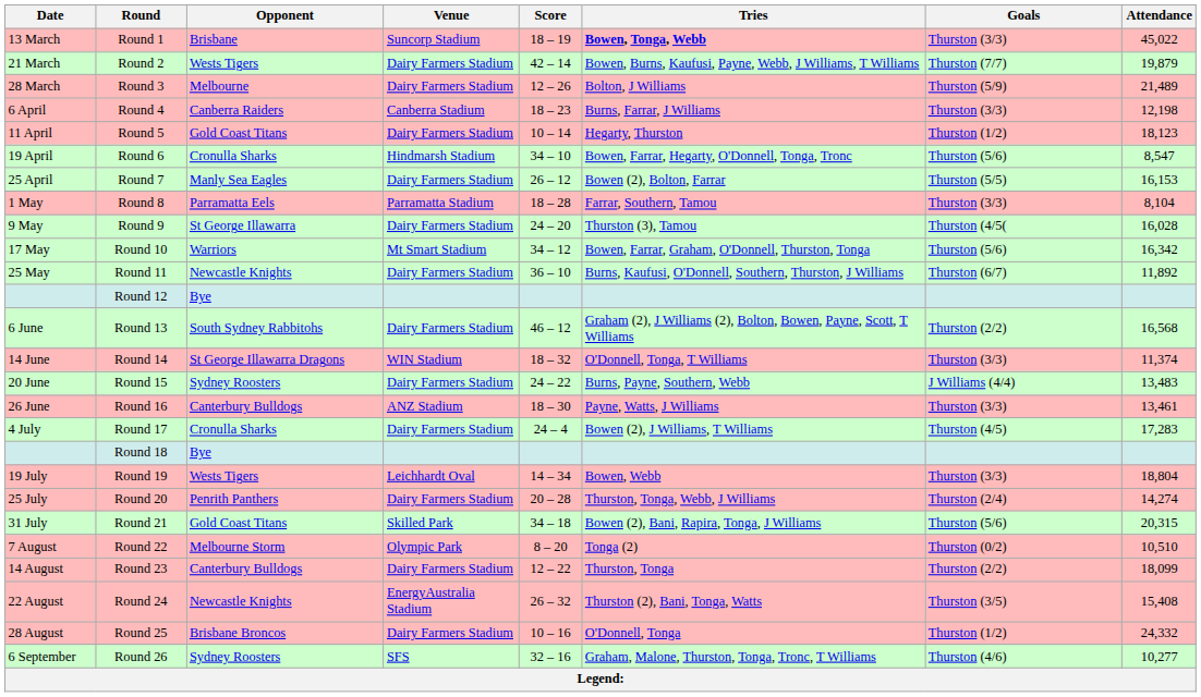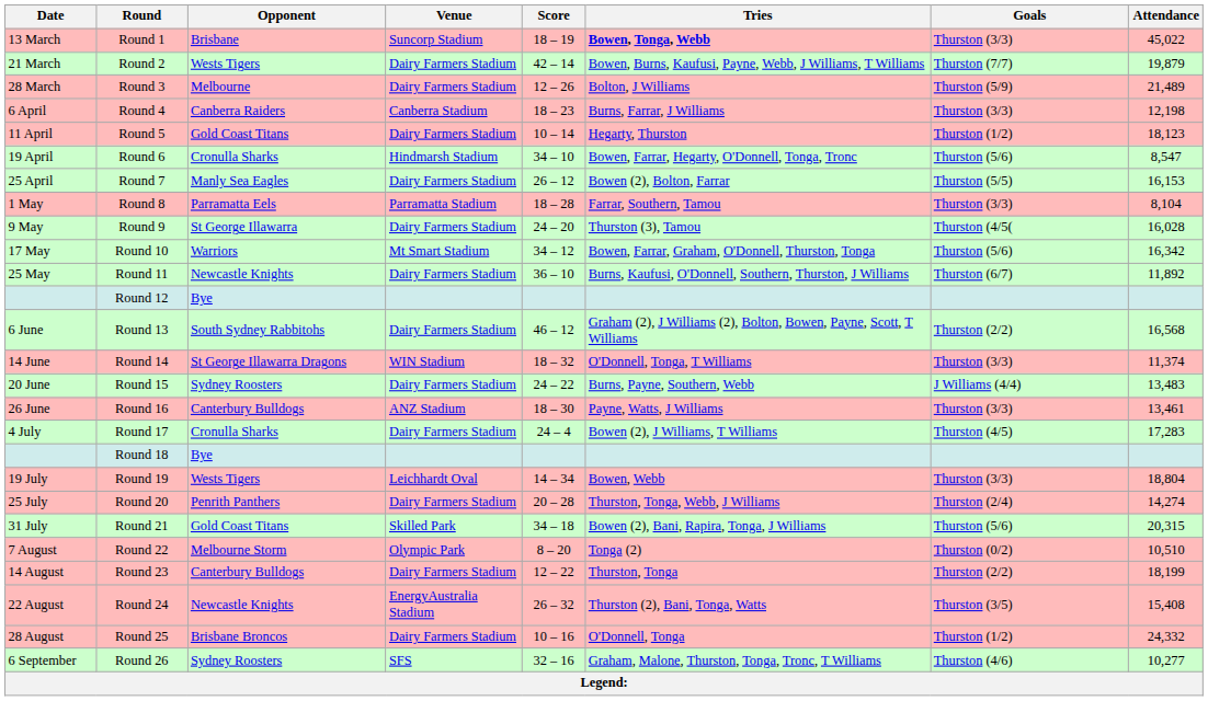 <table class="wikitable" style="font-size:75%;">
 <tr>
 <th style="width:75px;">Date</th>
 <th style="width:75px;">Round</th>
 <th style="width:170px;">Opponent</th>
 <th style="width:115px;">Venue</th>
 <th style="width:50px;">Score</th>
 <th style="width:300px;">Tries</th>
 <th style="width:170px;">Goals</th>
 <th style="width:60px;">Attendance</th>
 </tr>
 <tr style="background:#FFBBBB">
 <td>13 March</td>
 <td style="text-align:center;">Round 1</td>
 <td> <a href='#'>Brisbane</a></td>
 <td><a href='#'>Suncorp Stadium</a></td>
 <td style="text-align:center;">18 – 19</td>
 <td><strong><a href='#'>Bowen</a>, <a href='#'>Tonga</a>, <a href='#'>Webb</a></strong></td>
 <td><a href='#'>Thurston</a> (3/3)</td>
 <td style="text-align:center;">45,022</td>
 </tr>
 <tr style="background:#CCFFCC">
 <td>21 March</td>
 <td style="text-align:center;">Round 2</td>
 <td> <a href='#'>Wests Tigers</a></td>
 <td><a href='#'>Dairy Farmers Stadium</a></td>
 <td style="text-align:center;">42 – 14</td>
 <td><a href='#'>Bowen</a>, <a href='#'>Burns</a>, <a href='#'>Kaufusi</a>, <a href='#'>Payne</a>, <a href='#'>Webb</a>, <a href='#'>J Williams</a>, <a href='#'>T Williams</a></td>
 <td><a href='#'>Thurston</a> (7/7)</td>
 <td style="text-align:center;">19,879</td>
 </tr>
 <tr style="background:#FFBBBB">
 <td>28 March</td>
 <td style="text-align:center;">Round 3</td>
 <td> <a href='#'>Melbourne</a></td>
 <td><a href='#'>Dairy Farmers Stadium</a></td>
 <td style="text-align:center;">12 – 26</td>
 <td><a href='#'>Bolton</a>, <a href='#'>J Williams</a></td>
 <td><a href='#'>Thurston</a> (5/9)</td>
 <td style="text-align:center;">21,489</td>
 </tr>
 <tr style="background:#FFBBBB">
 <td>6 April</td>
 <td style="text-align:center;">Round 4</td>
 <td> <a href='#'>Canberra Raiders</a></td>
 <td><a href='#'>Canberra Stadium</a></td>
 <td style="text-align:center;">18 – 23</td>
 <td><a href='#'>Burns</a>, <a href='#'>Farrar</a>, <a href='#'>J Williams</a></td>
 <td><a href='#'>Thurston</a> (3/3)</td>
 <td style="text-align:center;">12,198</td>
 </tr>
 <tr style="background:#FFBBBB">
 <td>11 April</td>
 <td style="text-align:center;">Round 5</td>
 <td> <a href='#'>Gold Coast Titans</a></td>
 <td><a href='#'>Dairy Farmers Stadium</a></td>
 <td style="text-align:center;">10 – 14</td>
 <td><a href='#'>Hegarty</a>, <a href='#'>Thurston</a></td>
 <td><a href='#'>Thurston</a> (1/2)</td>
 <td style="text-align:center;">18,123</td>
 </tr>
 <tr style="background:#CCFFCC">
 <td>19 April</td>
 <td style="text-align:center;">Round 6</td>
 <td> <a href='#'>Cronulla Sharks</a></td>
 <td><a href='#'>Hindmarsh Stadium</a></td>
 <td style="text-align:center;">34 – 10</td>
 <td><a href='#'>Bowen</a>, <a href='#'>Farrar</a>, <a href='#'>Hegarty</a>, <a href='#'>O'Donnell</a>, <a href='#'>Tonga</a>, <a href='#'>Tronc</a></td>
 <td><a href='#'>Thurston</a> (5/6)</td>
 <td style="text-align:center;">8,547</td>
 </tr>
 <tr style="background:#CCFFCC">
 <td>25 April</td>
 <td style="text-align:center;">Round 7</td>
 <td> <a href='#'>Manly Sea Eagles</a></td>
 <td><a href='#'>Dairy Farmers Stadium</a></td>
 <td style="text-align:center;">26 – 12</td>
 <td><a href='#'>Bowen</a> (2), <a href='#'>Bolton</a>, <a href='#'>Farrar</a></td>
 <td><a href='#'>Thurston</a> (5/5)</td>
 <td style="text-align:center;">16,153</td>
 </tr>
 <tr style="background:#FFBBBB">
 <td>1 May</td>
 <td style="text-align:center;">Round 8</td>
 <td> <a href='#'>Parramatta Eels</a></td>
 <td><a href='#'>Parramatta Stadium</a></td>
 <td style="text-align:center;">18 – 28</td>
 <td><a href='#'>Farrar</a>, <a href='#'>Southern</a>, <a href='#'>Tamou</a></td>
 <td><a href='#'>Thurston</a> (3/3)</td>
 <td style="text-align:center;">8,104</td>
 </tr>
 <tr style="background:#CCFFCC">
 <td>9 May</td>
 <td style="text-align:center;">Round 9</td>
 <td> <a href='#'>St George Illawarra</a></td>
 <td><a href='#'>Dairy Farmers Stadium</a></td>
 <td style="text-align:center;">24 – 20</td>
 <td><a href='#'>Thurston</a> (3), <a href='#'>Tamou</a></td>
 <td><a href='#'>Thurston</a> (4/5(</td>
 <td style="text-align:center;">16,028</td>
 </tr>
 <tr style="background:#CCFFCC">
 <td>17 May</td>
 <td style="text-align:center;">Round 10</td>
 <td> <a href='#'>Warriors</a></td>
 <td><a href='#'>Mt Smart Stadium</a></td>
 <td style="text-align:center;">34 – 12</td>
 <td><a href='#'>Bowen</a>, <a href='#'>Farrar</a>, <a href='#'>Graham</a>, <a href='#'>O'Donnell</a>, <a href='#'>Thurston</a>, <a href='#'>Tonga</a></td>
 <td><a href='#'>Thurston</a> (5/6)</td>
 <td style="text-align:center;">16,342</td>
 </tr>
 <tr style="background:#CCFFCC">
 <td>25 May</td>
 <td style="text-align:center;">Round 11</td>
 <td> <a href='#'>Newcastle Knights</a></td>
 <td><a href='#'>Dairy Farmers Stadium</a></td>
 <td style="text-align:center;">36 – 10</td>
 <td><a href='#'>Burns</a>, <a href='#'>Kaufusi</a>, <a href='#'>O'Donnell</a>, <a href='#'>Southern</a>, <a href='#'>Thurston</a>, <a href='#'>J Williams</a></td>
 <td><a href='#'>Thurston</a> (6/7)</td>
 <td style="text-align:center;">11,892</td>
 </tr>
 <tr style="background:#cfecec;">
 <td></td>
 <td style="text-align:center;">Round 12</td>
 <td><a href='#'>Bye</a></td>
 <td></td>
 <td></td>
 <td></td>
 <td></td>
 <td></td>
 </tr>
 <tr style="background:#CCFFCC">
 <td>6 June</td>
 <td style="text-align:center;">Round 13</td>
 <td> <a href='#'>South Sydney Rabbitohs</a></td>
 <td><a href='#'>Dairy Farmers Stadium</a></td>
 <td style="text-align:center;">46 – 12</td>
 <td><a href='#'>Graham</a> (2), <a href='#'>J Williams</a> (2), <a href='#'>Bolton</a>, <a href='#'>Bowen</a>, <a href='#'>Payne</a>, <a href='#'>Scott</a>, <a href='#'>T Williams</a></td>
 <td><a href='#'>Thurston</a> (2/2)</td>
 <td style="text-align:center;">16,568</td>
 </tr>
 <tr style="background:#FFBBBB">
 <td>14 June</td>
 <td style="text-align:center;">Round 14</td>
 <td> <a href='#'>St George Illawarra Dragons</a></td>
 <td><a href='#'>WIN Stadium</a></td>
 <td style="text-align:center;">18 – 32</td>
 <td><a href='#'>O'Donnell</a>, <a href='#'>Tonga</a>, <a href='#'>T Williams</a></td>
 <td><a href='#'>Thurston</a> (3/3)</td>
 <td style="text-align:center;">11,374</td>
 </tr>
 <tr style="background:#CCFFCC">
 <td>20 June</td>
 <td style="text-align:center;">Round 15</td>
 <td> <a href='#'>Sydney Roosters</a></td>
 <td><a href='#'>Dairy Farmers Stadium</a></td>
 <td style="text-align:center;">24 – 22</td>
 <td><a href='#'>Burns</a>, <a href='#'>Payne</a>, <a href='#'>Southern</a>, <a href='#'>Webb</a></td>
 <td><a href='#'>J Williams</a> (4/4)</td>
 <td style="text-align:center;">13,483</td>
 </tr>
 <tr style="background:#FFBBBB">
 <td>26 June</td>
 <td style="text-align:center;">Round 16</td>
 <td> <a href='#'>Canterbury Bulldogs</a></td>
 <td><a href='#'>ANZ Stadium</a></td>
 <td style="text-align:center;">18 – 30</td>
 <td><a href='#'>Payne</a>, <a href='#'>Watts</a>, <a href='#'>J Williams</a></td>
 <td><a href='#'>Thurston</a> (3/3)</td>
 <td style="text-align:center;">13,461</td>
 </tr>
 <tr style="background:#CCFFCC">
 <td>4 July</td>
 <td style="text-align:center;">Round 17</td>
 <td> <a href='#'>Cronulla Sharks</a></td>
 <td><a href='#'>Dairy Farmers Stadium</a></td>
 <td style="text-align:center;">24 – 4</td>
 <td><a href='#'>Bowen</a> (2), <a href='#'>J Williams</a>, <a href='#'>T Williams</a></td>
 <td><a href='#'>Thurston</a> (4/5)</td>
 <td style="text-align:center;">17,283</td>
 </tr>
 <tr style="background:#cfecec;">
 <td></td>
 <td style="text-align:center;">Round 18</td>
 <td><a href='#'>Bye</a></td>
 <td></td>
 <td></td>
 <td></td>
 <td></td>
 <td></td>
 </tr>
 <tr style="background:#FFBBBB">
 <td>19 July</td>
 <td style="text-align:center;">Round 19</td>
 <td> <a href='#'>Wests Tigers</a></td>
 <td><a href='#'>Leichhardt Oval</a></td>
 <td style="text-align:center;">14 – 34</td>
 <td><a href='#'>Bowen</a>, <a href='#'>Webb</a></td>
 <td><a href='#'>Thurston</a> (3/3)</td>
 <td style="text-align:center;">18,804</td>
 </tr>
 <tr style="background:#FFBBBB">
 <td>25 July</td>
 <td style="text-align:center;">Round 20</td>
 <td> <a href='#'>Penrith Panthers</a></td>
 <td><a href='#'>Dairy Farmers Stadium</a></td>
 <td style="text-align:center;">20 – 28</td>
 <td><a href='#'>Thurston</a>, <a href='#'>Tonga</a>, <a href='#'>Webb</a>, <a href='#'>J Williams</a></td>
 <td><a href='#'>Thurston</a> (2/4)</td>
 <td style="text-align:center;">14,274</td>
 </tr>
 <tr style="background:#CCFFCC">
 <td>31 July</td>
 <td style="text-align:center;">Round 21</td>
 <td> <a href='#'>Gold Coast Titans</a></td>
 <td><a href='#'>Skilled Park</a></td>
 <td style="text-align:center;">34 – 18</td>
 <td><a href='#'>Bowen</a> (2), <a href='#'>Bani</a>, <a href='#'>Rapira</a>, <a href='#'>Tonga</a>, <a href='#'>J Williams</a></td>
 <td><a href='#'>Thurston</a> (5/6)</td>
 <td style="text-align:center;">20,315</td>
 </tr>
 <tr style="background:#FFBBBB">
 <td>7 August</td>
 <td style="text-align:center;">Round 22</td>
 <td> <a href='#'>Melbourne Storm</a></td>
 <td><a href='#'>Olympic Park</a></td>
 <td style="text-align:center;">8 – 20</td>
 <td><a href='#'>Tonga</a> (2)</td>
 <td><a href='#'>Thurston</a> (0/2)</td>
 <td style="text-align:center;">10,510</td>
 </tr>
 <tr style="background:#FFBBBB">
 <td>14 August</td>
 <td style="text-align:center;">Round 23</td>
 <td> <a href='#'>Canterbury Bulldogs</a></td>
 <td><a href='#'>Dairy Farmers Stadium</a></td>
 <td style="text-align:center;">12 – 22</td>
 <td><a href='#'>Thurston</a>, <a href='#'>Tonga</a></td>
 <td><a href='#'>Thurston</a> (2/2)</td>
-<td style="text-align:center;">18,099</td>
+<td style="text-align:center;">18,199</td>
 </tr>
 <tr style="background:#FFBBBB">
 <td>22 August</td>
 <td style="text-align:center;">Round 24</td>
 <td> <a href='#'>Newcastle Knights</a></td>
 <td><a href='#'>EnergyAustralia Stadium</a></td>
 <td style="text-align:center;">26 – 32</td>
 <td><a href='#'>Thurston</a> (2), <a href='#'>Bani</a>, <a href='#'>Tonga</a>, <a href='#'>Watts</a></td>
 <td><a href='#'>Thurston</a> (3/5)</td>
 <td style="text-align:center;">15,408</td>
 </tr>
 <tr style="background:#FFBBBB">
 <td>28 August</td>
 <td style="text-align:center;">Round 25</td>
 <td> <a href='#'>Brisbane Broncos</a></td>
 <td><a href='#'>Dairy Farmers Stadium</a></td>
 <td style="text-align:center;">10 – 16</td>
 <td><a href='#'>O'Donnell</a>, <a href='#'>Tonga</a></td>
 <td><a href='#'>Thurston</a> (1/2)</td>
 <td style="text-align:center;">24,332</td>
 </tr>
 <tr style="background:#CCFFCC">
 <td>6 September</td>
 <td style="text-align:center;">Round 26</td>
 <td> <a href='#'>Sydney Roosters</a></td>
 <td><a href='#'>SFS</a></td>
 <td style="text-align:center;">32 – 16</td>
 <td><a href='#'>Graham</a>, <a href='#'>Malone</a>, <a href='#'>Thurston</a>, <a href='#'>Tonga</a>, <a href='#'>Tronc</a>, <a href='#'>T Williams</a></td>
 <td><a href='#'>Thurston</a> (4/6)</td>
 <td style="text-align:center;">10,277</td>
 </tr>
 <tr>
 <th colspan="11"><strong>Legend</strong>:    </th>
 </tr>
 </table>
